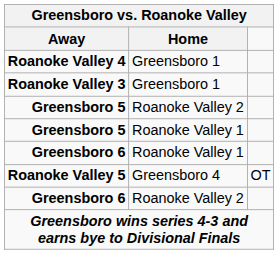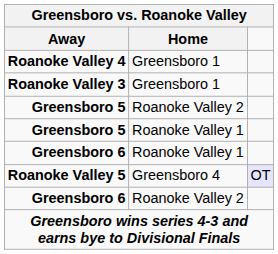 <table class="wikitable">
 <tr>
 <th bgcolor="#DDDDDD" colspan="4">Greensboro vs. Roanoke Valley</th>
 </tr>
 <tr>
 <th>Away</th>
 <th>Home</th>
 </tr>
 <tr>
 <td align="right"><strong>Roanoke Valley 4</strong></td>
 <td>Greensboro 1</td>
 <td></td>
 </tr>
 <tr>
 <td align="right"><strong>Roanoke Valley 3</strong></td>
 <td>Greensboro 1</td>
 <td></td>
 </tr>
 <tr>
 <td align="right"><strong>Greensboro 5</strong></td>
 <td>Roanoke Valley 2</td>
 <td></td>
 </tr>
 <tr>
 <td align="right"><strong>Greensboro 5</strong></td>
 <td>Roanoke Valley 1</td>
 <td></td>
 </tr>
 <tr>
 <td align="right"><strong>Greensboro 6</strong></td>
 <td>Roanoke Valley 1</td>
 <td></td>
 </tr>
 <tr>
 <td align="right"><strong>Roanoke Valley 5</strong></td>
 <td>Greensboro 4</td>
-<td>OT</td>
+<td style="background: lavender;">OT</td>
 </tr>
 <tr>
 <td align="right"><strong>Greensboro 6</strong></td>
 <td>Roanoke Valley 2</td>
 <td></td>
 </tr>
 <tr align="center">
 <td colspan="4"><strong><em>Greensboro wins series 4-3 and <br> earns bye to Divisional Finals</em></strong></td>
 </tr>
 </table>
